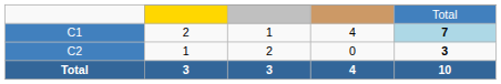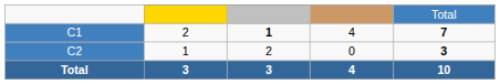 <table class="wikitable"  style="font-size:95%; text-align:center; border:gray solid 1px; width:40%;">
 <tr>
 <td rowspan="2" style="width:3%;"></td>
 </tr>
 <tr>
 <td style="width:2%;" bgcolor=gold></td>
 <td style="width:2%;" bgcolor=silver></td>
 <td style="width:2%;" bgcolor=cc9966></td>
 <td style="width:2%; background-color:#4180be; color:white;">Total</td>
 </tr>
 <tr>
 <td style="background-color:#4180be; color:white;">C1</td>
 <td>2</td>
-<td>1</td>
+<td><strong>1</strong></td>
 <td>4</td>
-<td style="background: lightblue;"><strong>7</strong></td>
+<td><strong>7</strong></td>
 </tr>
 <tr>
 <td style="background-color:#4180be; color:white;">C2</td>
 <td>1</td>
 <td>2</td>
 <td>0</td>
 <td><strong>3</strong></td>
 </tr>
 <tr style="background:#369; color:white;">
 <td><strong>Total</strong></td>
 <td><strong>3</strong></td>
 <td><strong>3</strong></td>
 <td><strong>4</strong></td>
 <td><strong>10</strong></td>
 </tr>
 </table>
